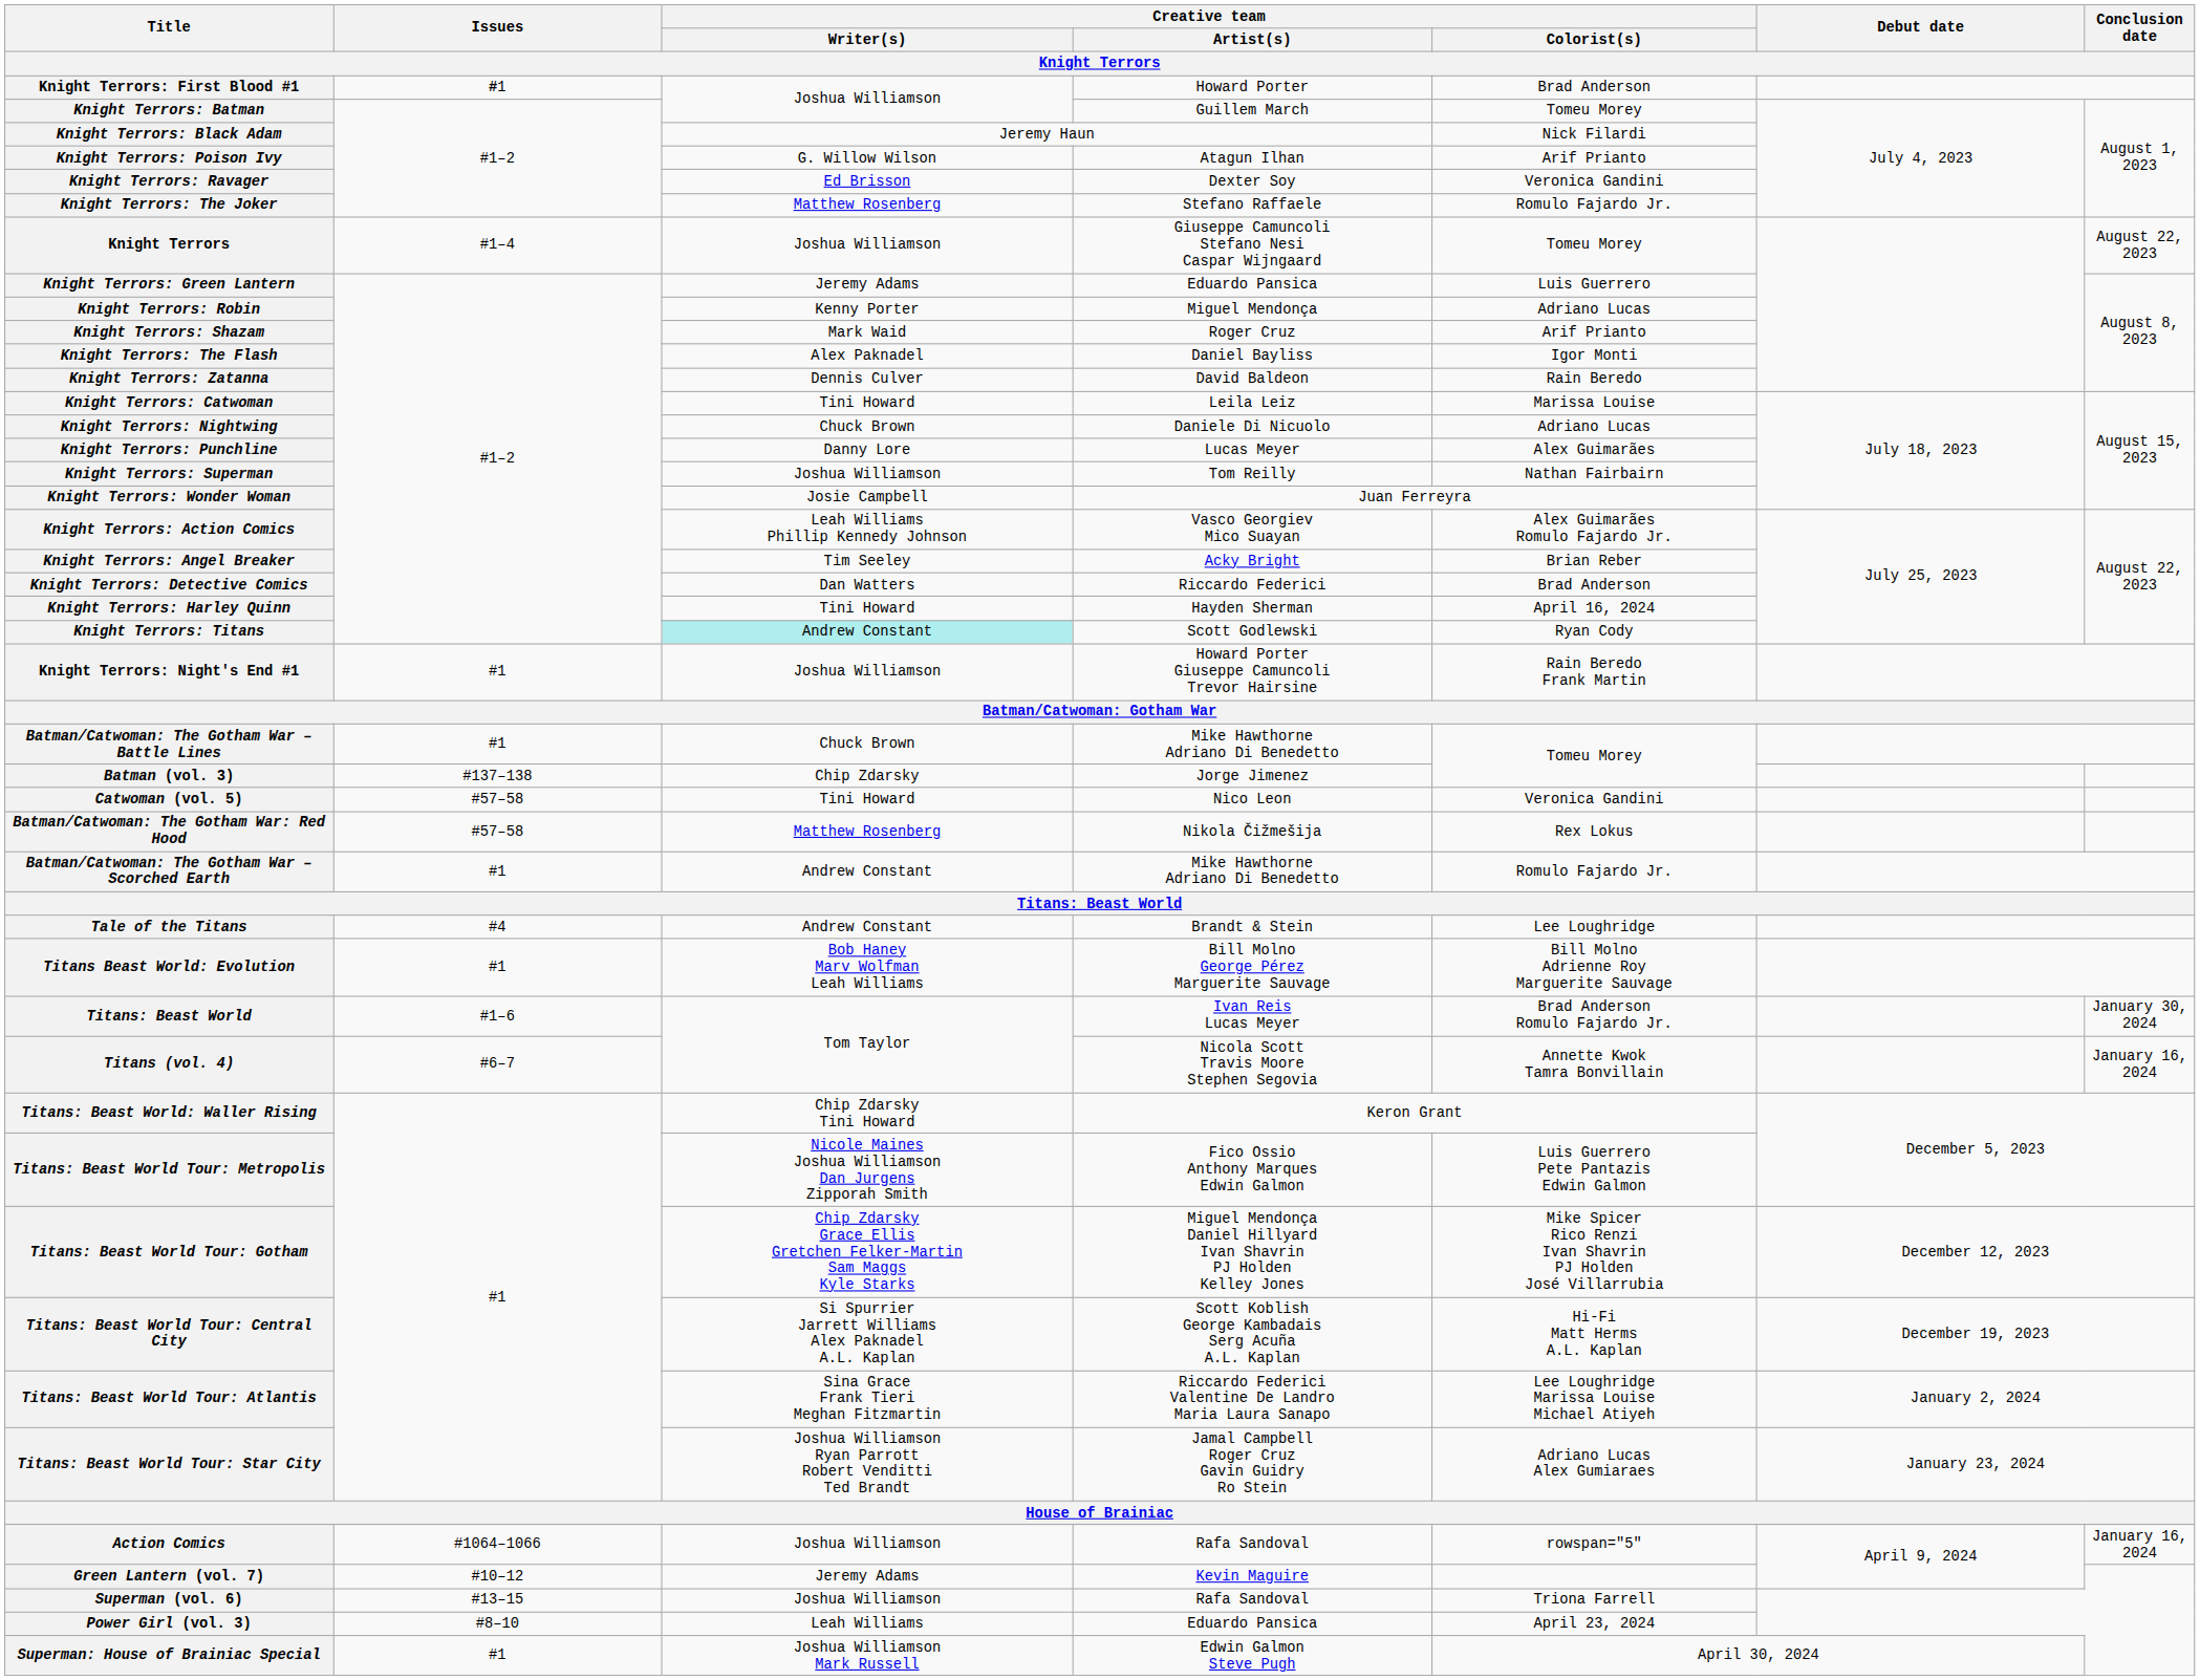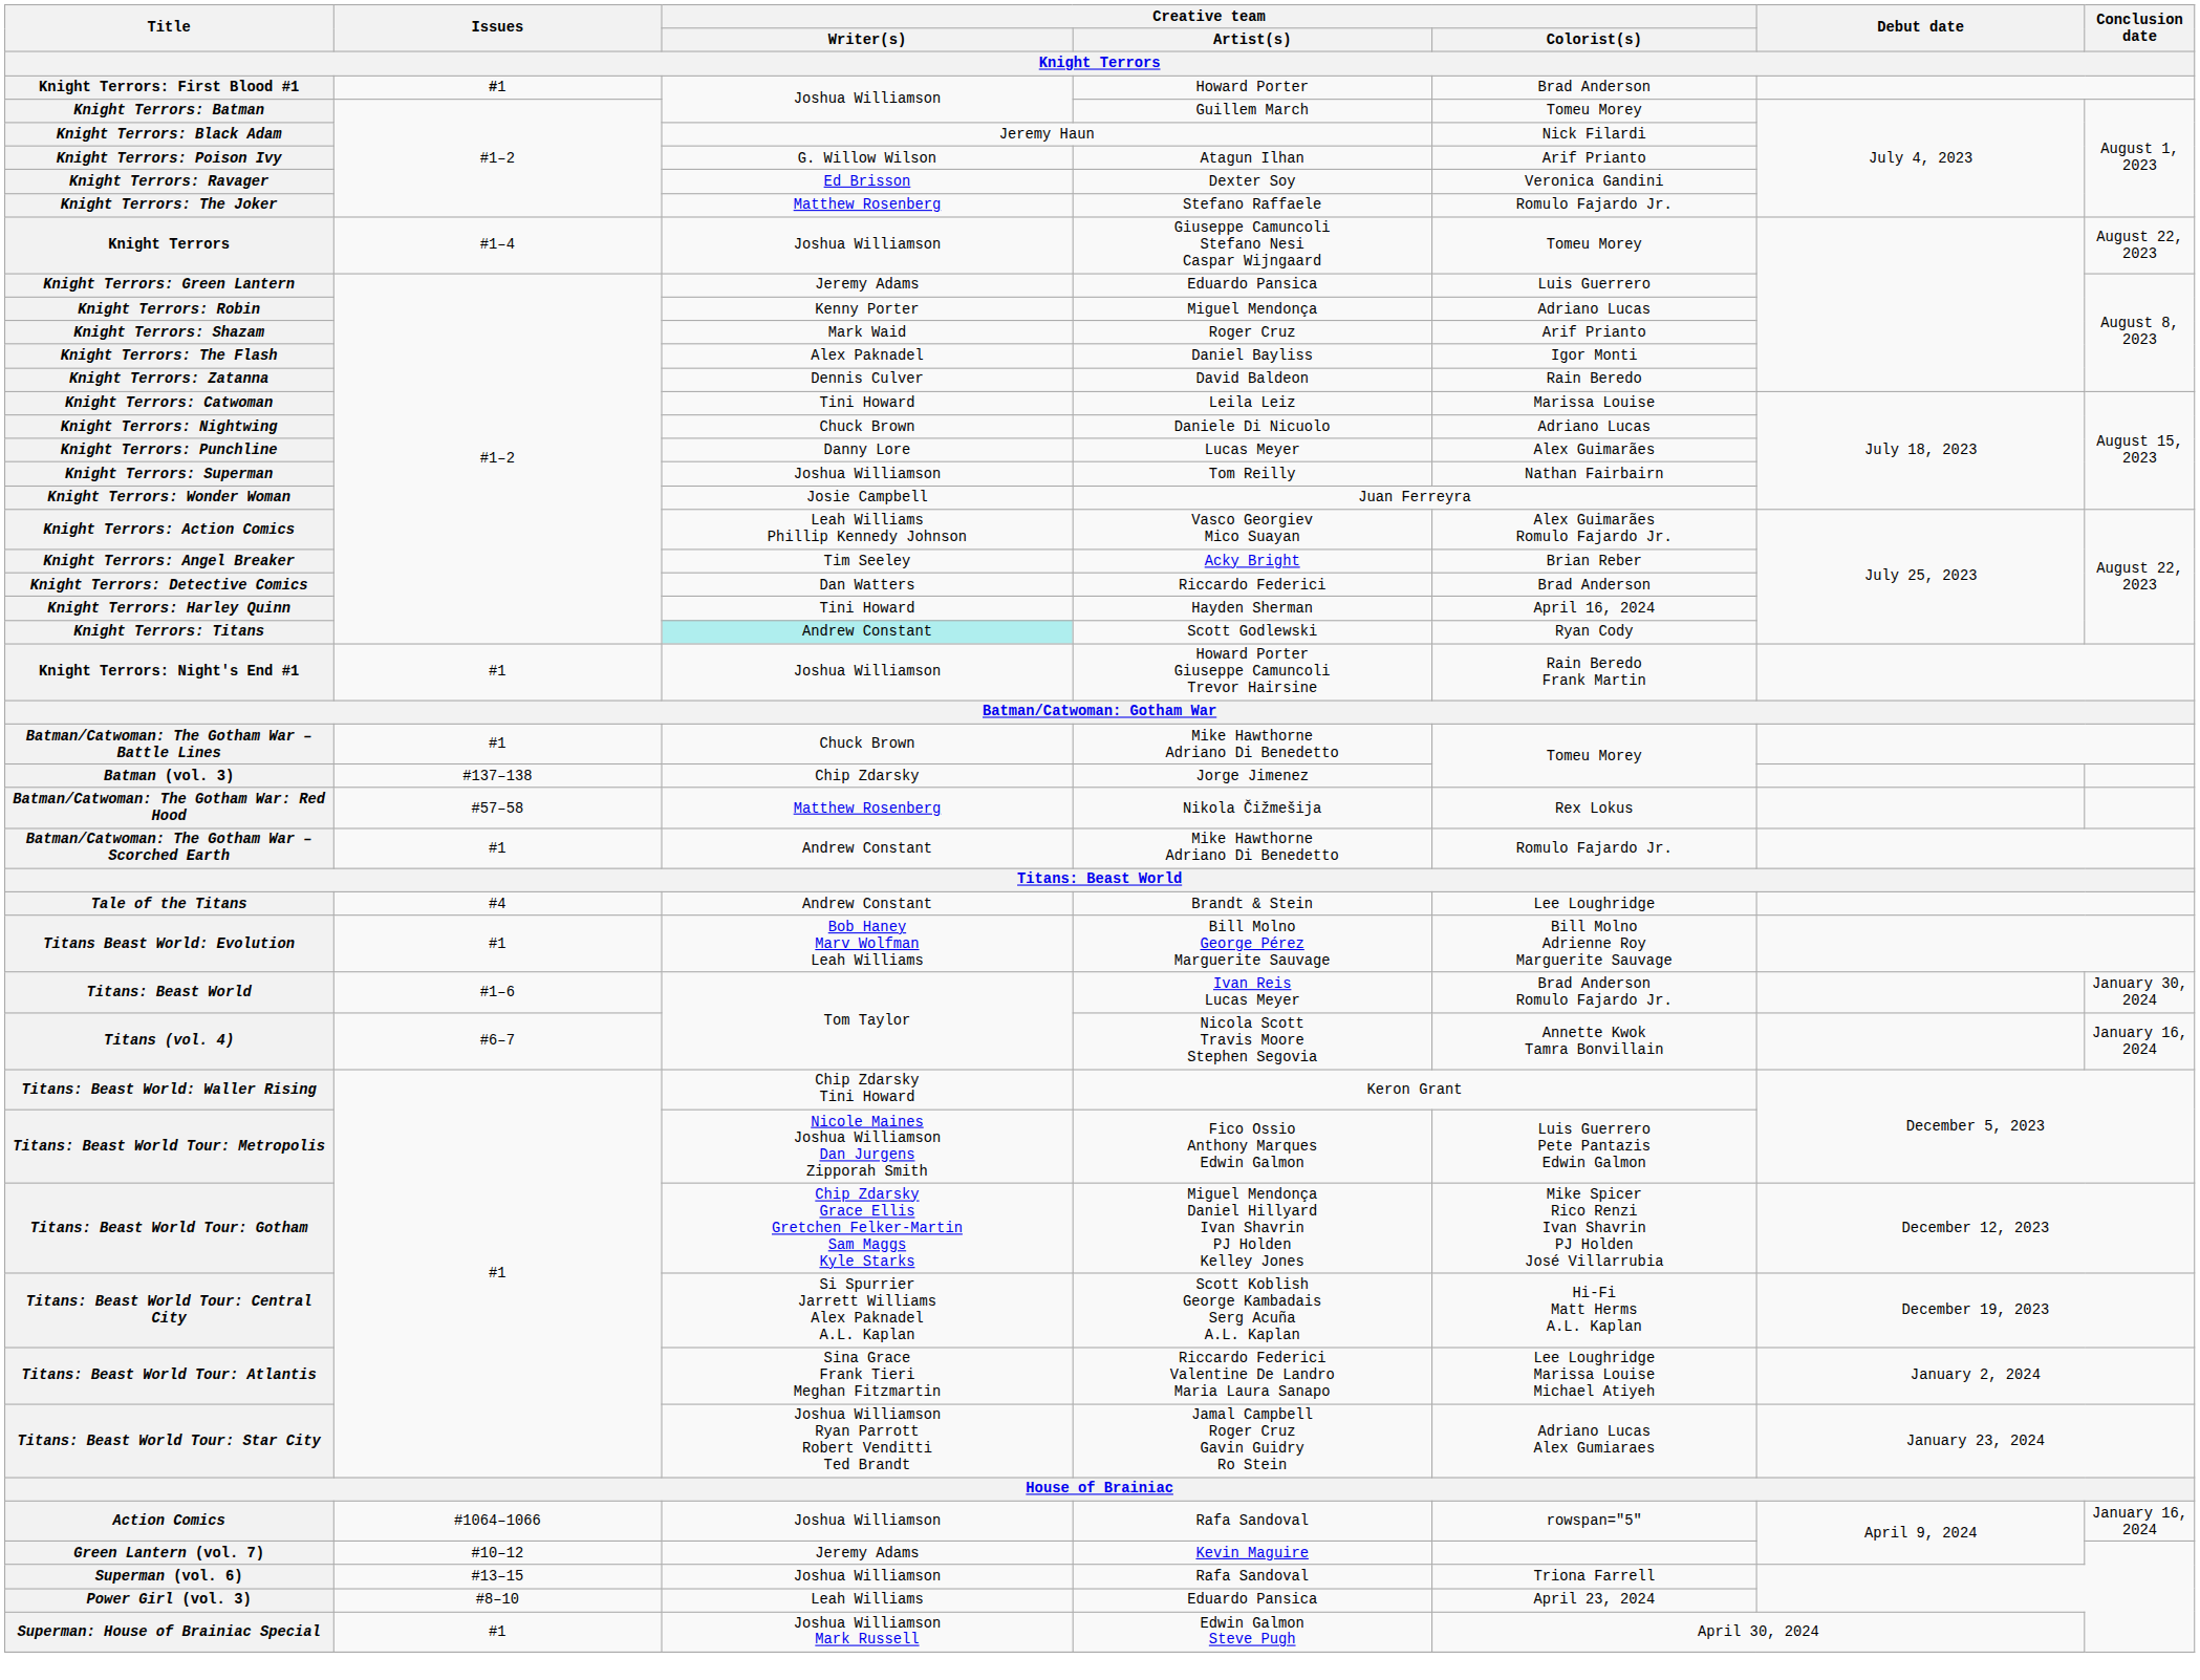 <table class="wikitable sortable" style="text-align:center; font-weight:normal;">
 <tr>
 <th scope="col" rowspan="2" align="center" width="15%">Title</th>
 <th scope="col" rowspan="2" align="center" width="15%">Issues</th>
 <th scope="col" colspan="3" align="center" width="50%">Creative team</th>
 <th scope="col" rowspan="2" align="center" width="15%">Debut date</th>
 <th scope="col" rowspan="2" align="center" width="15%">Conclusion date</th>
 </tr>
 <tr>
 <th scope="col">Writer(s)</th>
 <th scope="col">Artist(s)</th>
 <th scope="col">Colorist(s)</th>
 </tr>
 <tr>
 <th colspan="7"><a href='#'>Knight Terrors</a></th>
 </tr>
 <tr>
 <th><strong>Knight Terrors: First Blood #1</strong></th>
 <td><strong>#</strong>1</td>
 <td rowspan="2">Joshua Williamson</td>
 <td>Howard Porter</td>
 <td>Brad Anderson</td>
 <td colspan="2"></td>
 </tr>
 <tr>
 <th><em>Knight Terrors: Batman</em></th>
 <td rowspan="5">#1–2</td>
 <td>Guillem March</td>
 <td>Tomeu Morey</td>
 <td rowspan="5">July 4, 2023</td>
 <td rowspan="5">August 1, 2023</td>
 </tr>
 <tr>
 <th><em>Knight Terrors: Black Adam</em></th>
 <td colspan="2">Jeremy Haun</td>
 <td>Nick Filardi</td>
 </tr>
 <tr>
 <th><em>Knight Terrors: Poison Ivy</em></th>
 <td>G. Willow Wilson</td>
 <td>Atagun Ilhan</td>
 <td>Arif Prianto</td>
 </tr>
 <tr>
 <th><em>Knight Terrors: Ravager</em></th>
 <td><a href='#'>Ed Brisson</a></td>
 <td>Dexter Soy</td>
 <td>Veronica Gandini</td>
 </tr>
 <tr>
 <th><em>Knight Terrors: The Joker</em></th>
 <td><a href='#'>Matthew Rosenberg</a></td>
 <td>Stefano Raffaele</td>
 <td>Romulo Fajardo Jr.</td>
 </tr>
 <tr>
 <th>Knight Terrors</th>
 <td>#1–4</td>
 <td>Joshua Williamson</td>
 <td>Giuseppe Camuncoli<br>Stefano Nesi<br>Caspar Wijngaard</td>
 <td>Tomeu Morey</td>
 <td rowspan="6"></td>
 <td>August 22, 2023</td>
 </tr>
 <tr>
 <th><em>Knight Terrors: Green Lantern</em></th>
 <td rowspan="15">#1–2</td>
 <td>Jeremy Adams</td>
 <td>Eduardo Pansica</td>
 <td>Luis Guerrero</td>
 <td rowspan="5">August 8, 2023</td>
 </tr>
 <tr>
 <th><em>Knight Terrors: Robin</em></th>
 <td>Kenny Porter</td>
 <td>Miguel Mendonça</td>
 <td>Adriano Lucas</td>
 </tr>
 <tr>
 <th><em>Knight Terrors: Shazam</em></th>
 <td>Mark Waid</td>
 <td>Roger Cruz</td>
 <td>Arif Prianto</td>
 </tr>
 <tr>
 <th><em>Knight Terrors: The Flash</em></th>
 <td>Alex Paknadel</td>
 <td>Daniel Bayliss</td>
 <td>Igor Monti</td>
 </tr>
 <tr>
 <th><em>Knight Terrors: Zatanna</em></th>
 <td>Dennis Culver</td>
 <td>David Baldeon</td>
 <td>Rain Beredo</td>
 </tr>
 <tr>
 <th><em>Knight Terrors: Catwoman</em></th>
 <td>Tini Howard</td>
 <td>Leila Leiz</td>
 <td>Marissa Louise</td>
 <td rowspan="5">July 18, 2023</td>
 <td rowspan="5">August 15, 2023</td>
 </tr>
 <tr>
 <th><em>Knight Terrors: Nightwing</em></th>
 <td>Chuck Brown</td>
 <td>Daniele Di Nicuolo</td>
 <td>Adriano Lucas</td>
 </tr>
 <tr>
 <th><em>Knight Terrors: Punchline</em></th>
 <td>Danny Lore</td>
 <td>Lucas Meyer</td>
 <td>Alex Guimarães</td>
 </tr>
 <tr>
 <th><em>Knight Terrors: Superman</em></th>
 <td>Joshua Williamson</td>
 <td>Tom Reilly</td>
 <td>Nathan Fairbairn</td>
 </tr>
 <tr>
 <th><em>Knight Terrors: Wonder Woman</em></th>
 <td>Josie Campbell</td>
 <td colspan="2">Juan Ferreyra</td>
 </tr>
 <tr>
 <th><em>Knight Terrors: Action Comics</em></th>
 <td>Leah Williams<br>Phillip Kennedy Johnson</td>
 <td>Vasco Georgiev<br>Mico Suayan</td>
 <td>Alex Guimarães<br>Romulo Fajardo Jr.</td>
 <td rowspan="5">July 25, 2023</td>
 <td rowspan="5">August 22, 2023</td>
 </tr>
 <tr>
 <th><em>Knight Terrors: Angel Breaker</em></th>
 <td>Tim Seeley</td>
 <td><a href='#'>Acky Bright</a></td>
 <td>Brian Reber</td>
 </tr>
 <tr>
 <th><em>Knight Terrors: Detective Comics</em></th>
 <td>Dan Watters</td>
 <td>Riccardo Federici</td>
 <td>Brad Anderson</td>
 </tr>
 <tr>
 <th><em>Knight Terrors: Harley Quinn</em></th>
 <td>Tini Howard</td>
 <td>Hayden Sherman</td>
 <td>April 16, 2024</td>
 </tr>
 <tr>
 <th><em>Knight Terrors: Titans</em></th>
 <td style="background: paleturquoise;">Andrew Constant</td>
 <td>Scott Godlewski</td>
 <td>Ryan Cody</td>
 </tr>
 <tr>
 <th>Knight Terrors: Night's End #1</th>
 <td>#1</td>
 <td>Joshua Williamson</td>
 <td>Howard Porter<br>Giuseppe Camuncoli<br>Trevor Hairsine</td>
 <td>Rain Beredo<br>Frank Martin</td>
 <td colspan="2"></td>
 </tr>
 <tr>
 <th colspan="7"><a href='#'>Batman/Catwoman: Gotham War</a></th>
 </tr>
 <tr>
 <th scope="row"><em>Batman/Catwoman: The Gotham War – Battle Lines</em></th>
 <td>#1</td>
 <td>Chuck Brown</td>
 <td>Mike Hawthorne<br>Adriano Di Benedetto</td>
 <td rowspan="2">Tomeu Morey</td>
 <td colspan="2"></td>
 </tr>
 <tr>
 <th scope="row"><em>Batman</em> (vol. 3)</th>
 <td>#137–138</td>
 <td>Chip Zdarsky</td>
 <td>Jorge Jimenez</td>
 <td></td>
 <td></td>
 </tr>
 <tr>
-<th scope="row"><em>Catwoman</em> (vol. 5)</th>
-<td>#57–58</td>
-<td>Tini Howard</td>
-<td>Nico Leon</td>
-<td>Veronica Gandini</td>
-<td></td>
-<td></td>
-</tr>
-<tr>
 <th scope="row"><em>Batman/Catwoman: The Gotham War: Red Hood</em></th>
 <td>#57–58</td>
 <td><a href='#'>Matthew Rosenberg</a></td>
 <td>Nikola Čižmešija</td>
 <td>Rex Lokus</td>
 <td></td>
 <td></td>
 </tr>
 <tr>
 <th scope="row"><em>Batman/Catwoman: The Gotham War – Scorched Earth</em></th>
 <td>#1</td>
 <td>Andrew Constant</td>
 <td>Mike Hawthorne<br>Adriano Di Benedetto</td>
 <td>Romulo Fajardo Jr.</td>
 <td colspan="2"></td>
 </tr>
 <tr>
 <th colspan="7"><a href='#'>Titans: Beast World</a></th>
 </tr>
 <tr>
 <th scope="row"><em>Tale of the Titans</em></th>
 <td>#4</td>
 <td>Andrew Constant</td>
 <td>Brandt & Stein</td>
 <td>Lee Loughridge</td>
 <td colspan="2"></td>
 </tr>
 <tr>
 <th scope="row"><em>Titans Beast World: Evolution</em></th>
 <td>#1</td>
 <td><a href='#'>Bob Haney</a><br><a href='#'>Marv Wolfman</a><br>Leah Williams</td>
 <td>Bill Molno<br><a href='#'>George Pérez</a><br>Marguerite Sauvage</td>
 <td>Bill Molno<br>Adrienne Roy<br>Marguerite Sauvage</td>
 <td colspan="2"></td>
 </tr>
 <tr>
 <th scope="row"><em>Titans: Beast World</em></th>
 <td>#1–6</td>
 <td rowspan="2">Tom Taylor</td>
 <td><a href='#'>Ivan Reis</a><br>Lucas Meyer</td>
 <td>Brad Anderson<br>Romulo Fajardo Jr.</td>
 <td></td>
 <td>January 30, 2024</td>
 </tr>
 <tr>
 <th scope="row"><em>Titans (vol. 4)</em></th>
 <td>#6–7</td>
 <td>Nicola Scott<br>Travis Moore<br>Stephen Segovia</td>
 <td>Annette Kwok<br>Tamra Bonvillain</td>
 <td></td>
 <td>January 16, 2024</td>
 </tr>
 <tr>
 <th scope="row"><em>Titans: Beast World: Waller Rising</em></th>
 <td rowspan="6">#1</td>
 <td>Chip Zdarsky<br>Tini Howard</td>
 <td colspan="2">Keron Grant</td>
 <td colspan="2" rowspan="2">December 5, 2023</td>
 </tr>
 <tr>
 <th scope="row"><em>Titans: Beast World Tour: Metropolis</em></th>
 <td><a href='#'>Nicole Maines</a><br>Joshua Williamson<br><a href='#'>Dan Jurgens</a><br>Zipporah Smith</td>
 <td>Fico Ossio<br>Anthony Marques<br>Edwin Galmon</td>
 <td>Luis Guerrero<br>Pete Pantazis<br>Edwin Galmon</td>
 </tr>
 <tr>
 <th scope="row"><em>Titans: Beast World Tour: Gotham</em></th>
 <td><a href='#'>Chip Zdarsky</a><br><a href='#'>Grace Ellis</a><br><a href='#'>Gretchen Felker-Martin</a><br><a href='#'>Sam Maggs</a><br><a href='#'>Kyle Starks</a></td>
 <td>Miguel Mendonça<br>Daniel Hillyard<br>Ivan Shavrin<br>PJ Holden<br>Kelley Jones</td>
 <td>Mike Spicer<br>Rico Renzi<br>Ivan Shavrin<br>PJ Holden<br>José Villarrubia</td>
 <td colspan="2">December 12, 2023</td>
 </tr>
 <tr>
 <th scope="row"><em>Titans: Beast World Tour: Central City</em></th>
 <td>Si Spurrier<br>Jarrett Williams<br>Alex Paknadel<br>A.L. Kaplan</td>
 <td>Scott Koblish<br>George Kambadais<br>Serg Acuña<br>A.L. Kaplan</td>
 <td>Hi-Fi<br>Matt Herms<br>A.L. Kaplan</td>
 <td colspan="2">December 19, 2023</td>
 </tr>
 <tr>
 <th scope="row"><em>Titans: Beast World Tour: Atlantis</em></th>
 <td>Sina Grace<br>Frank Tieri<br>Meghan Fitzmartin</td>
 <td>Riccardo Federici<br>Valentine De Landro<br>Maria Laura Sanapo</td>
 <td>Lee Loughridge<br>Marissa Louise<br>Michael Atiyeh</td>
 <td colspan="2">January 2, 2024</td>
 </tr>
 <tr>
 <th scope="row"><em>Titans: Beast World Tour: Star City</em></th>
 <td>Joshua Williamson<br>Ryan Parrott<br>Robert Venditti<br>Ted Brandt</td>
 <td>Jamal Campbell<br>Roger Cruz<br>Gavin Guidry<br>Ro Stein</td>
 <td>Adriano Lucas<br>Alex Gumiaraes</td>
 <td colspan="2">January 23, 2024</td>
 </tr>
 <tr>
 <th colspan="7"><a href='#'>House of Brainiac</a></th>
 </tr>
 <tr>
 <th scope="row"><em>Action Comics</em></th>
 <td>#1064–1066</td>
 <td>Joshua Williamson</td>
 <td>Rafa Sandoval</td>
 <td>rowspan="5" </td>
 <td rowspan="2">April 9, 2024</td>
 <td>January 16, 2024</td>
 </tr>
 <tr>
 <th scope="row"><em>Green Lantern</em> (vol. 7)</th>
 <td>#10–12</td>
 <td>Jeremy Adams</td>
 <td><a href='#'>Kevin Maguire</a></td>
 </tr>
 <tr>
 <th scope="row"><em>Superman</em> (vol. 6)</th>
 <td>#13–15</td>
 <td>Joshua Williamson</td>
 <td>Rafa Sandoval</td>
 <td>Triona Farrell</td>
 </tr>
 <tr>
 <th scope="row"><em>Power Girl</em> (vol. 3)</th>
 <td>#8–10</td>
 <td>Leah Williams</td>
 <td>Eduardo Pansica</td>
 <td>April 23, 2024</td>
 </tr>
 <tr>
 <th scope="row"><em>Superman: House of Brainiac Special</em></th>
 <td>#1</td>
 <td>Joshua Williamson<br><a href='#'>Mark Russell</a></td>
 <td>Edwin Galmon<br><a href='#'>Steve Pugh</a></td>
 <td colspan="2">April 30, 2024</td>
 </tr>
 <tr>
 </tr>
 </table>
